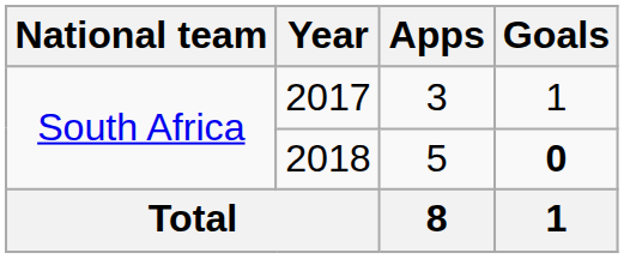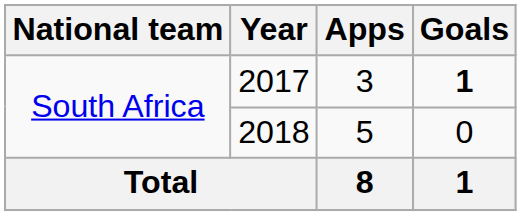 <table class="wikitable" style="text-align:center">
 <tr>
 <th>National team</th>
 <th>Year</th>
 <th>Apps</th>
 <th>Goals</th>
 </tr>
 <tr>
 <td rowspan="2"><a href='#'>South Africa</a></td>
 <td>2017</td>
 <td>3</td>
-<td>1</td>
+<td><strong>1</strong></td>
 </tr>
 <tr>
 <td>2018</td>
 <td>5</td>
-<td><strong>0</strong></td>
+<td>0</td>
 </tr>
 <tr>
 <th colspan=2>Total</th>
 <th>8</th>
 <th>1</th>
 </tr>
 </table>
